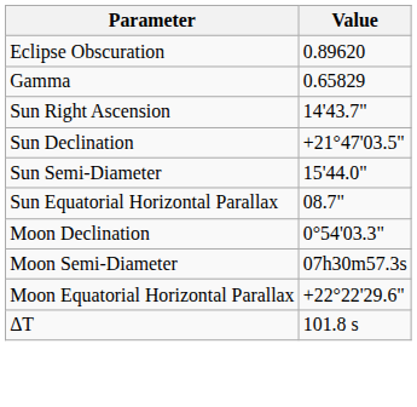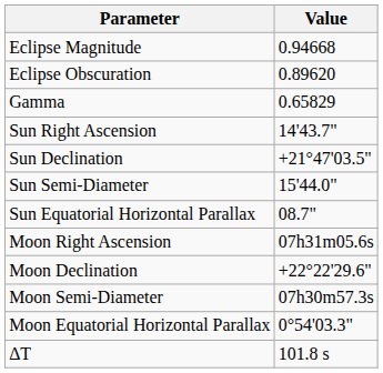 <table class="wikitable">
 <tr>
 <th>Parameter</th>
 <th>Value</th>
+</tr>
+<tr>
+<td>Eclipse Magnitude</td>
+<td>0.94668</td>
 </tr>
 <tr>
 <td>Eclipse Obscuration</td>
 <td>0.89620</td>
 </tr>
 <tr>
 <td>Gamma</td>
 <td>0.65829</td>
 </tr>
 <tr>
 <td>Sun Right Ascension</td>
 <td>14'43.7"</td>
 </tr>
 <tr>
 <td>Sun Declination</td>
 <td>+21°47'03.5"</td>
 </tr>
 <tr>
 <td>Sun Semi-Diameter</td>
 <td>15'44.0"</td>
 </tr>
 <tr>
 <td>Sun Equatorial Horizontal Parallax</td>
 <td>08.7"</td>
 </tr>
 <tr>
+<td>Moon Right Ascension</td>
+<td>07h31m05.6s</td>
+</tr>
+<tr>
 <td>Moon Declination</td>
-<td>0°54'03.3"</td>
+<td>+22°22'29.6"</td>
 </tr>
 <tr>
 <td>Moon Semi-Diameter</td>
 <td>07h30m57.3s</td>
 </tr>
 <tr>
 <td>Moon Equatorial Horizontal Parallax</td>
-<td>+22°22'29.6"</td>
+<td>0°54'03.3"</td>
 </tr>
 <tr>
 <td>ΔT</td>
 <td>101.8 s</td>
 </tr>
 </table>
